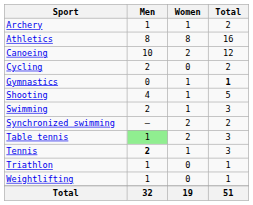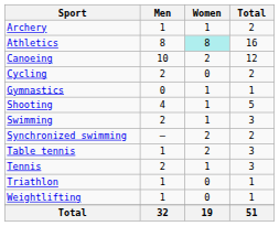 <table class="wikitable sortable" style="text-align:center">
 <tr>
 <th width=180>Sport</th>
 <th width=55>Men</th>
 <th width=55>Women</th>
 <th width=55>Total</th>
 </tr>
 <tr>
 <td align=left><a href='#'>Archery</a></td>
 <td>1</td>
 <td>1</td>
 <td>2</td>
 </tr>
 <tr>
 <td align=left><a href='#'>Athletics</a></td>
 <td>8</td>
-<td>8</td>
+<td style="background: paleturquoise;">8</td>
 <td>16</td>
 </tr>
 <tr>
 <td align=left><a href='#'>Canoeing</a></td>
 <td>10</td>
 <td>2</td>
 <td>12</td>
 </tr>
 <tr>
 <td align=left><a href='#'>Cycling</a></td>
 <td>2</td>
 <td>0</td>
 <td>2</td>
 </tr>
 <tr>
 <td align=left><a href='#'>Gymnastics</a></td>
 <td>0</td>
 <td>1</td>
-<td><strong>1</strong></td>
+<td>1</td>
 </tr>
 <tr>
 <td align=left><a href='#'>Shooting</a></td>
 <td>4</td>
 <td>1</td>
 <td>5</td>
 </tr>
 <tr>
 <td align=left><a href='#'>Swimming</a></td>
 <td>2</td>
 <td>1</td>
 <td>3</td>
 </tr>
 <tr>
 <td align=left><a href='#'>Synchronized swimming</a></td>
 <td>—</td>
 <td>2</td>
 <td>2</td>
 </tr>
 <tr>
 <td align=left><a href='#'>Table tennis</a></td>
-<td style="background: lightgreen;">1</td>
+<td>1</td>
 <td>2</td>
 <td>3</td>
 </tr>
 <tr>
 <td align=left><a href='#'>Tennis</a></td>
-<td><strong>2</strong></td>
+<td>2</td>
 <td>1</td>
 <td>3</td>
 </tr>
 <tr>
 <td align=left><a href='#'>Triathlon</a></td>
 <td>1</td>
 <td>0</td>
 <td>1</td>
 </tr>
 <tr>
 <td align=left><a href='#'>Weightlifting</a></td>
 <td>1</td>
 <td>0</td>
 <td>1</td>
 </tr>
 <tr>
 </tr>
 <tr class="sortbottom">
 <th>Total</th>
 <th>32</th>
 <th>19</th>
 <th>51</th>
 </tr>
 </table>
